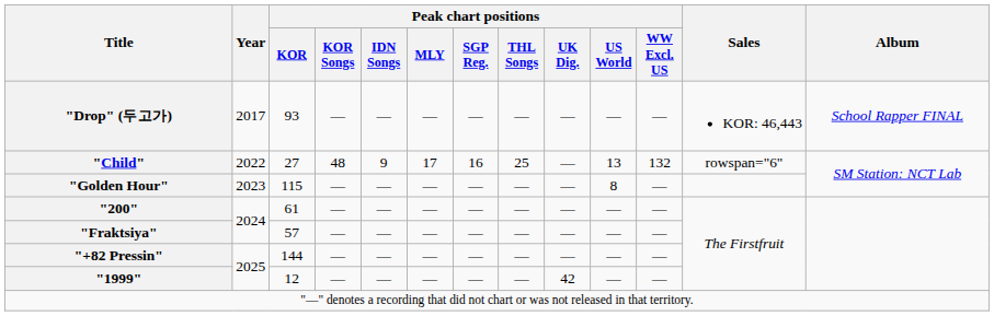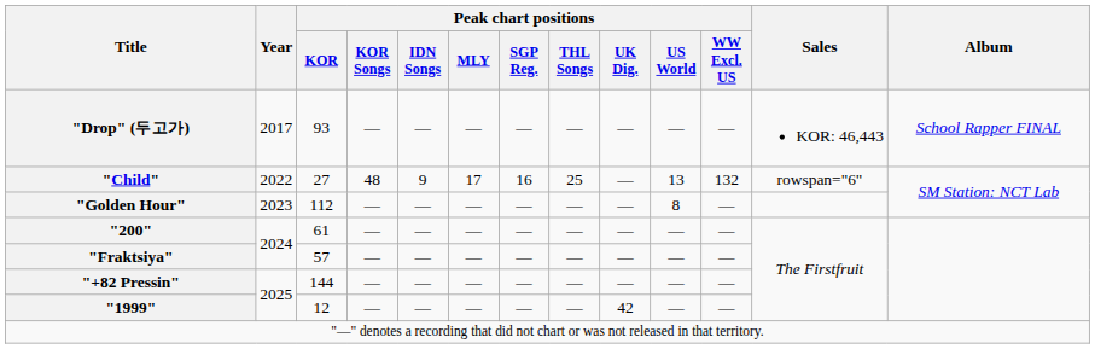 <table class="wikitable plainrowheaders" style="text-align:center;">
 <tr>
 <th scope="col" rowspan="2" style="width:15em;">Title</th>
 <th scope="col" rowspan="2">Year</th>
 <th scope="col" colspan="9">Peak chart positions</th>
 <th scope="col" rowspan="2">Sales</th>
 <th scope="col" rowspan="2" style="width:12em">Album</th>
 </tr>
 <tr>
 <th scope="col" style="width:3em;font-size:90%"><a href='#'>KOR</a><br></th>
 <th scope="col" style="width:3em;font-size:90%;"><a href='#'>KOR<br>Songs</a><br></th>
 <th scope="col" style="width:3em;font-size:90%;"><a href='#'>IDN<br>Songs</a><br></th>
 <th scope="col" style="width:3em;font-size:90%"><a href='#'>MLY</a><br></th>
 <th scope="col" style="width:3em;font-size:90%;"><a href='#'>SGP<br>Reg.</a><br></th>
 <th scope="col" style="width:3em;font-size:90%;"><a href='#'>THL<br>Songs</a><br></th>
 <th scope="col" style="width:3em;font-size:90%;"><a href='#'>UK Dig.</a><br></th>
 <th scope="col" style="width:3em;font-size:90%"><a href='#'>US<br>World</a><br></th>
 <th scope="col" style="width:3em;font-size:90%;"><a href='#'>WW<br>Excl.<br>US</a><br></th>
 </tr>
 <tr>
 <th scope="row">"Drop" (두고가)<br></th>
 <td>2017</td>
 <td>93</td>
 <td>—</td>
 <td>—</td>
 <td>—</td>
 <td>—</td>
 <td>—</td>
 <td>—</td>
 <td>—</td>
 <td>—</td>
 <td><br><ul><li>KOR: 46,443</li></ul></td>
 <td><em><a href='#'>School Rapper FINAL</a></em></td>
 </tr>
 <tr>
 <th scope="row">"<a href='#'>Child</a>"</th>
 <td>2022</td>
 <td>27</td>
 <td>48</td>
 <td>9</td>
 <td>17</td>
 <td>16</td>
 <td>25</td>
 <td>—</td>
 <td>13</td>
 <td>132</td>
 <td>rowspan="6" </td>
 <td rowspan="2"><em><a href='#'>SM Station: NCT Lab</a></em></td>
 </tr>
 <tr>
 <th scope="row">"Golden Hour"</th>
 <td>2023</td>
-<td>115</td>
+<td>112</td>
 <td>—</td>
 <td>—</td>
 <td>—</td>
 <td>—</td>
 <td>—</td>
 <td>—</td>
 <td>8</td>
 <td>—</td>
 </tr>
 <tr>
 <th scope="row">"200"</th>
 <td rowspan="2">2024</td>
 <td>61</td>
 <td>—</td>
 <td>—</td>
 <td>—</td>
 <td>—</td>
 <td>—</td>
 <td>—</td>
 <td>—</td>
 <td>—</td>
 <td rowspan="4"><em>The Firstfruit</em></td>
 </tr>
 <tr>
 <th scope="row">"Fraktsiya" <br></th>
 <td>57</td>
 <td>—</td>
 <td>—</td>
 <td>—</td>
 <td>—</td>
 <td>—</td>
 <td>—</td>
 <td>—</td>
 <td>—</td>
 </tr>
 <tr>
 <th scope="row">"+82 Pressin"<br> </th>
 <td rowspan="2">2025</td>
 <td>144</td>
 <td>—</td>
 <td>—</td>
 <td>—</td>
 <td>—</td>
 <td>—</td>
 <td>—</td>
 <td>—</td>
 <td>—</td>
 </tr>
 <tr>
 <th scope="row">"1999"</th>
 <td>12</td>
 <td>—</td>
 <td>—</td>
 <td>—</td>
 <td>—</td>
 <td>—</td>
 <td>42</td>
 <td>—</td>
 <td>—</td>
 </tr>
 <tr>
 <td colspan="13" style="font-size:85%">"—" denotes a recording that did not chart or was not released in that territory.</td>
 </tr>
 </table>
